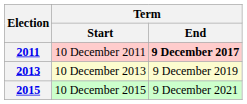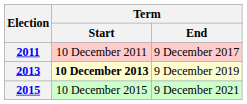 <table class="wikitable" style="text-align:center">
 <tr>
 <th rowspan=2>Election</th>
 <th colspan=2>Term</th>
 </tr>
 <tr>
 <th>Start</th>
 <th>End</th>
 </tr>
 <tr>
 <th><a href='#'>2011</a></th>
 <td bgcolor=#fcc>10 December 2011</td>
-<td bgcolor=#fcc><strong>9 December 2017</strong></td>
+<td bgcolor=#fcc>9 December 2017</td>
 </tr>
 <tr>
 <th><a href='#'>2013</a></th>
-<td bgcolor=#fcfccf>10 December 2013</td>
+<td bgcolor=#fcfccf><strong>10 December 2013</strong></td>
 <td bgcolor=#fcfccf>9 December 2019</td>
 </tr>
 <tr>
 <th><a href='#'>2015</a></th>
 <td bgcolor=#cfc>10 December 2015</td>
 <td bgcolor=#cfc>9 December 2021</td>
 </tr>
 </table>
